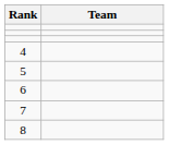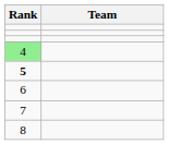 <table class="wikitable" style="text-align: center;">
 <tr>
 <th width=40>Rank</th>
 <th width=150>Team</th>
 </tr>
 <tr>
 <td></td>
 <td align=left></td>
 </tr>
 <tr>
 <td></td>
 <td align=left></td>
 </tr>
 <tr>
 <td></td>
 <td align=left></td>
 </tr>
 <tr>
-<td>4</td>
+<td style="background: lightgreen;">4</td>
 <td align=left></td>
 </tr>
 <tr>
-<td>5</td>
+<td><strong>5</strong></td>
 <td align=left></td>
 </tr>
 <tr>
 <td>6</td>
 <td align=left></td>
 </tr>
 <tr>
 <td>7</td>
 <td align=left></td>
 </tr>
 <tr>
 <td>8</td>
 <td align=left></td>
 </tr>
 </table>
